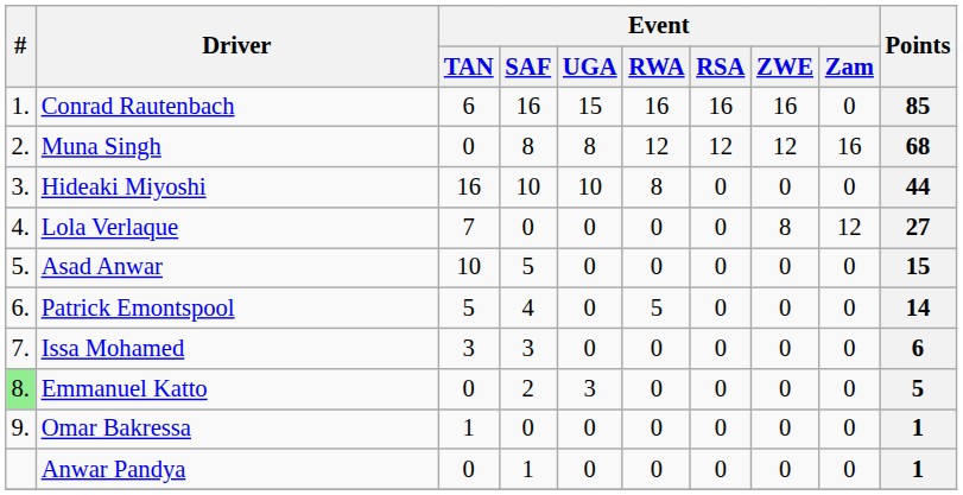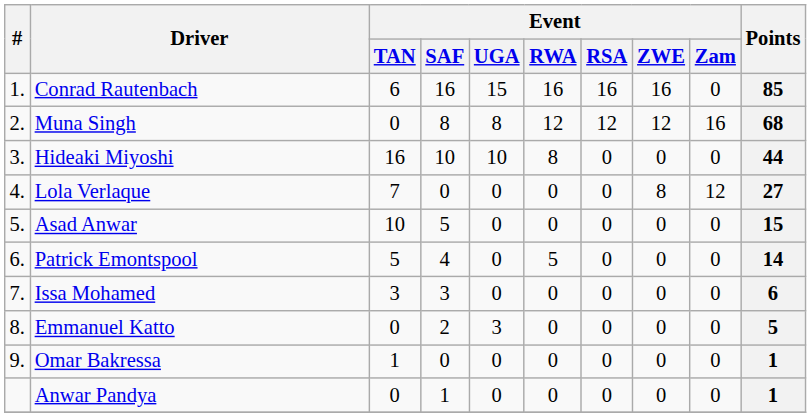 <table class="wikitable" style="text-align:center; font-size:90%;">
 <tr>
 <th rowspan=2>#</th>
 <th rowspan=2 style="width:16em">Driver</th>
 <th colspan=7>Event</th>
 <th rowspan=2>Points</th>
 </tr>
 <tr valign="top">
 <th><a href='#'>TAN</a><br></th>
 <th><a href='#'>SAF</a><br></th>
 <th><a href='#'>UGA</a><br></th>
 <th><a href='#'>RWA</a><br></th>
 <th><a href='#'>RSA</a><br></th>
 <th><a href='#'>ZWE</a><br></th>
 <th><a href='#'>Zam</a><br></th>
 </tr>
 <tr>
 <td>1.</td>
 <td align="left"> <a href='#'>Conrad Rautenbach</a></td>
 <td>6</td>
 <td>16</td>
 <td>15</td>
 <td>16</td>
 <td>16</td>
 <td>16</td>
 <td>0</td>
 <th>85</th>
 </tr>
 <tr>
 <td>2.</td>
 <td align="left"> <a href='#'>Muna Singh</a></td>
 <td>0</td>
 <td>8</td>
 <td>8</td>
 <td>12</td>
 <td>12</td>
 <td>12</td>
 <td>16</td>
 <th>68</th>
 </tr>
 <tr>
 <td>3.</td>
 <td align="left"> <a href='#'>Hideaki Miyoshi</a></td>
 <td>16</td>
 <td>10</td>
 <td>10</td>
 <td>8</td>
 <td>0</td>
 <td>0</td>
 <td>0</td>
 <th>44</th>
 </tr>
 <tr>
 <td>4.</td>
 <td align="left"> <a href='#'>Lola Verlaque</a></td>
 <td>7</td>
 <td>0</td>
 <td>0</td>
 <td>0</td>
 <td>0</td>
 <td>8</td>
 <td>12</td>
 <th>27</th>
 </tr>
 <tr>
 <td>5.</td>
 <td align="left"> <a href='#'>Asad Anwar</a></td>
 <td>10</td>
 <td>5</td>
 <td>0</td>
 <td>0</td>
 <td>0</td>
 <td>0</td>
 <td>0</td>
 <th>15</th>
 </tr>
 <tr>
 <td>6.</td>
 <td align="left"> <a href='#'>Patrick Emontspool</a></td>
 <td>5</td>
 <td>4</td>
 <td>0</td>
 <td>5</td>
 <td>0</td>
 <td>0</td>
 <td>0</td>
 <th>14</th>
 </tr>
 <tr>
 <td>7.</td>
 <td align="left"> <a href='#'>Issa Mohamed</a></td>
 <td>3</td>
 <td>3</td>
 <td>0</td>
 <td>0</td>
 <td>0</td>
 <td>0</td>
 <td>0</td>
 <th>6</th>
 </tr>
 <tr>
-<td style="background: lightgreen;">8.</td>
+<td>8.</td>
 <td align="left"> <a href='#'>Emmanuel Katto</a></td>
 <td>0</td>
 <td>2</td>
 <td>3</td>
 <td>0</td>
 <td>0</td>
 <td>0</td>
 <td>0</td>
 <th>5</th>
 </tr>
 <tr>
 <td>9.</td>
 <td align="left"> <a href='#'>Omar Bakressa</a></td>
 <td>1</td>
 <td>0</td>
 <td>0</td>
 <td>0</td>
 <td>0</td>
 <td>0</td>
 <td>0</td>
 <th>1</th>
 </tr>
 <tr>
 <td></td>
 <td align="left"> <a href='#'>Anwar Pandya</a></td>
 <td>0</td>
 <td>1</td>
 <td>0</td>
 <td>0</td>
 <td>0</td>
 <td>0</td>
 <td>0</td>
 <th>1</th>
 </tr>
 <tr>
 </tr>
 </table>
